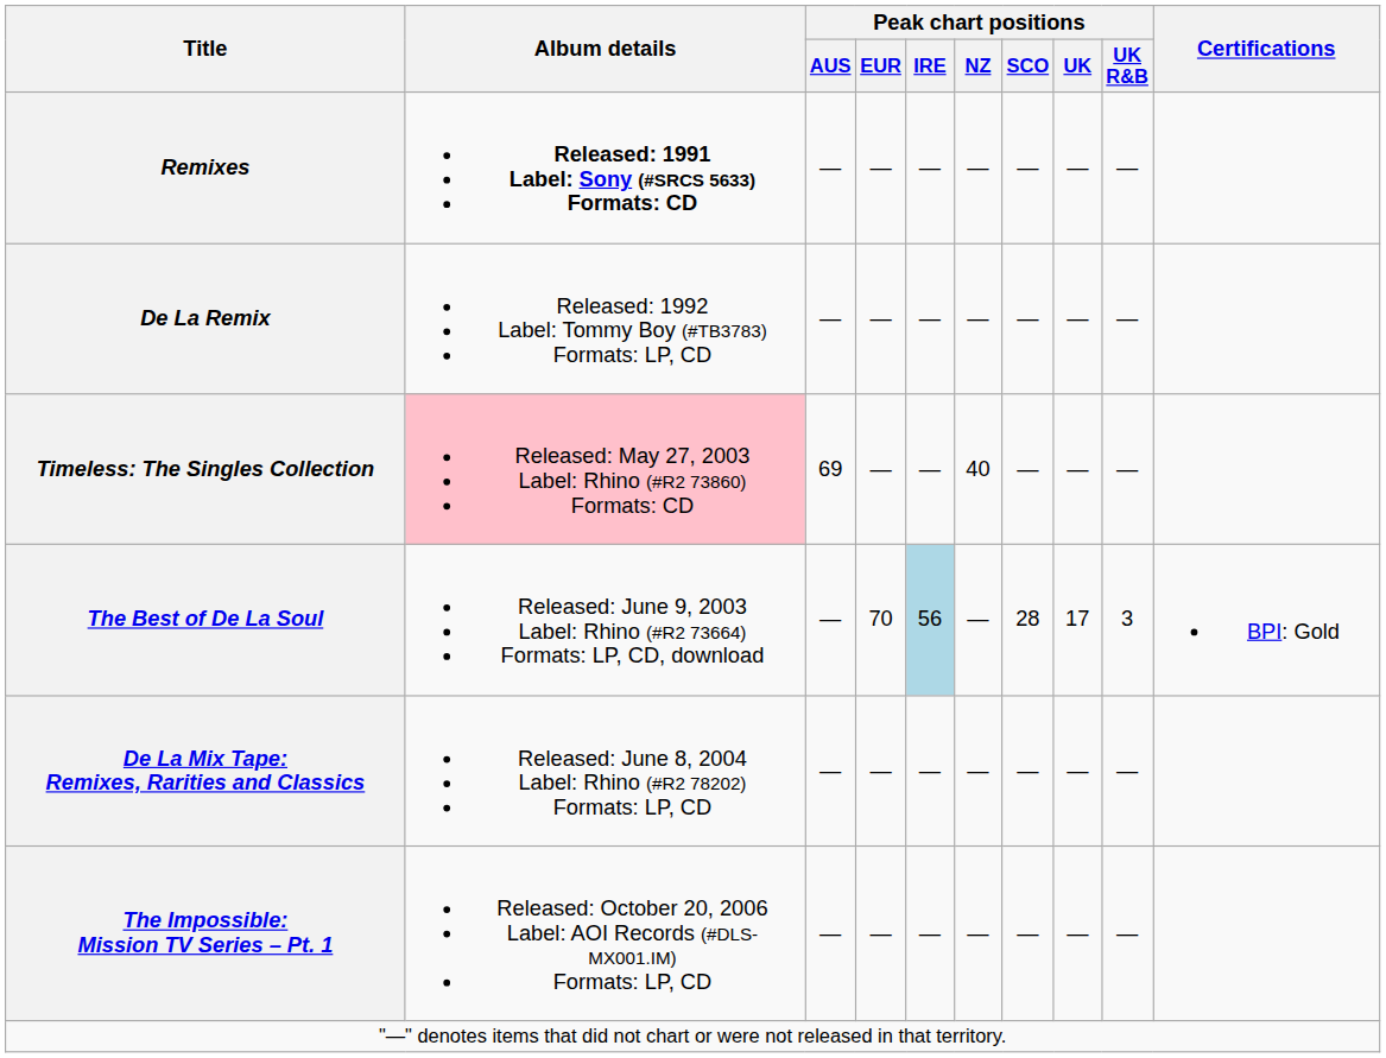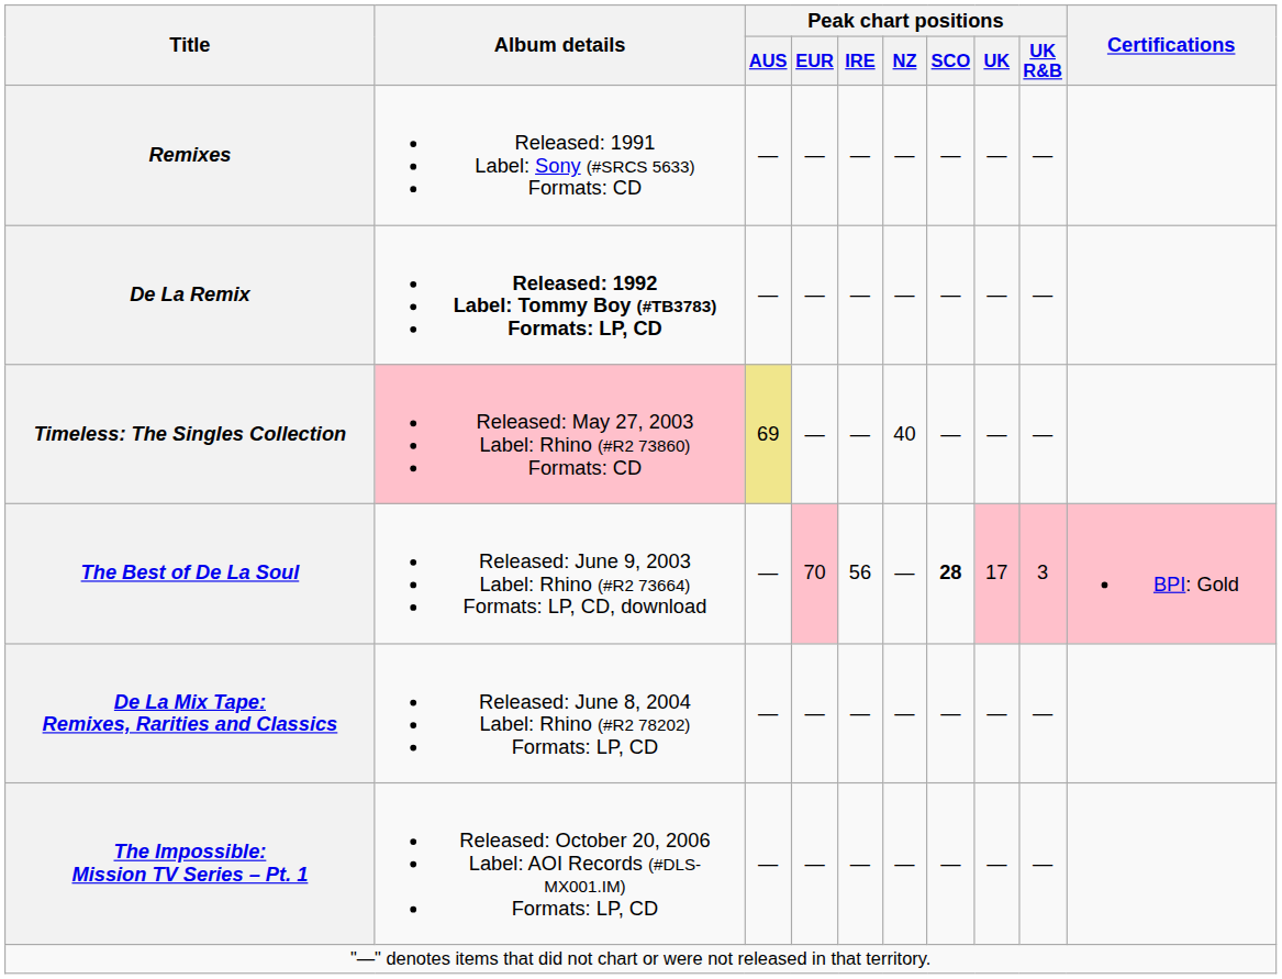 <table class="wikitable plainrowheaders" style="text-align:center;">
 <tr>
 <th scope="col" rowspan="2" style="width:18em;">Title</th>
 <th scope="col" rowspan="2" style="width:18em;">Album details</th>
 <th scope="col" colspan="7">Peak chart positions</th>
 <th scope="col" rowspan="2" style="width:10em;"><a href='#'>Certifications</a></th>
 </tr>
 <tr>
 <th style="width:2em;font-size:90%;"><a href='#'>AUS</a><br></th>
 <th style="width:2em;font-size:90%;"><a href='#'>EUR</a><br></th>
 <th style="width:2em;font-size:90%;"><a href='#'>IRE</a><br></th>
 <th style="width:2em;font-size:90%;"><a href='#'>NZ</a><br></th>
 <th style="width:2em;font-size:90%;"><a href='#'>SCO</a><br></th>
 <th style="width:2em;font-size:90%;"><a href='#'>UK</a><br></th>
 <th style="width:2em;font-size:90%;"><a href='#'>UK<br>R&B</a><br></th>
 </tr>
 <tr>
 <th scope="row"><em>Remixes</em></th>
-<td><strong><br><ul><li>Released: 1991</li><li>Label: <a href='#'>Sony</a> <small>(#SRCS 5633)</small></li><li>Formats: CD</li></ul></strong></td>
+<td><br><ul><li>Released: 1991</li><li>Label: <a href='#'>Sony</a> <small>(#SRCS 5633)</small></li><li>Formats: CD</li></ul></td>
 <td>—</td>
 <td>—</td>
 <td>—</td>
 <td>—</td>
 <td>—</td>
 <td>—</td>
 <td>—</td>
 <td></td>
 </tr>
 <tr>
 <th scope="row"><em>De La Remix</em></th>
-<td><br><ul><li>Released: 1992</li><li>Label: Tommy Boy <small>(#TB3783)</small></li><li>Formats: LP, CD</li></ul></td>
+<td><strong><br><ul><li>Released: 1992</li><li>Label: Tommy Boy <small>(#TB3783)</small></li><li>Formats: LP, CD</li></ul></strong></td>
 <td>—</td>
 <td>—</td>
 <td>—</td>
 <td>—</td>
 <td>—</td>
 <td>—</td>
 <td>—</td>
 <td></td>
 </tr>
 <tr>
 <th scope="row"><em>Timeless: The Singles Collection</em></th>
 <td style="background: pink;"><br><ul><li>Released: May 27, 2003</li><li>Label: Rhino <small>(#R2 73860)</small></li><li>Formats: CD</li></ul></td>
-<td>69</td>
+<td style="background: khaki;">69</td>
 <td>—</td>
 <td>—</td>
 <td>40</td>
 <td>—</td>
 <td>—</td>
 <td>—</td>
 <td></td>
 </tr>
 <tr>
 <th scope="row"><em><a href='#'>The Best of De La Soul</a></em></th>
 <td><br><ul><li>Released: June 9, 2003</li><li>Label: Rhino <small>(#R2 73664)</small></li><li>Formats: LP, CD, download</li></ul></td>
 <td>—</td>
-<td>70</td>
-<td style="background: lightblue;">56</td>
+<td style="background: pink;">70</td>
+<td>56</td>
 <td>—</td>
-<td>28</td>
-<td>17</td>
-<td>3</td>
-<td><br><ul><li><a href='#'>BPI</a>: Gold</li></ul></td>
+<td><strong>28</strong></td>
+<td style="background: pink;">17</td>
+<td style="background: pink;">3</td>
+<td style="background: pink;"><br><ul><li><a href='#'>BPI</a>: Gold</li></ul></td>
 </tr>
 <tr>
 <th scope="row"><em><a href='#'>De La Mix Tape:<br>Remixes, Rarities and Classics</a></em></th>
 <td><br><ul><li>Released: June 8, 2004</li><li>Label: Rhino <small>(#R2 78202)</small></li><li>Formats: LP, CD</li></ul></td>
 <td>—</td>
 <td>—</td>
 <td>—</td>
 <td>—</td>
 <td>—</td>
 <td>—</td>
 <td>—</td>
 <td></td>
 </tr>
 <tr>
 <th scope="row"><em><a href='#'>The Impossible:<br>Mission TV Series – Pt. 1</a></em></th>
 <td><br><ul><li>Released: October 20, 2006</li><li>Label: AOI Records <small>(#DLS-MX001.IM)</small></li><li>Formats: LP, CD</li></ul></td>
 <td>—</td>
 <td>—</td>
 <td>—</td>
 <td>—</td>
 <td>—</td>
 <td>—</td>
 <td>—</td>
 <td></td>
 </tr>
 <tr>
 <td colspan="15" style="font-size:90%">"—" denotes items that did not chart or were not released in that territory.</td>
 </tr>
 </table>
